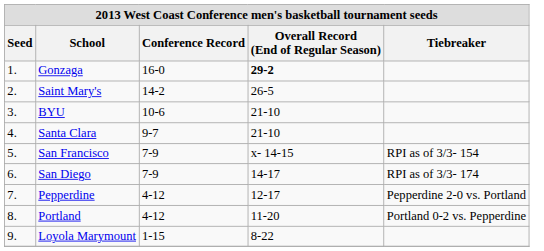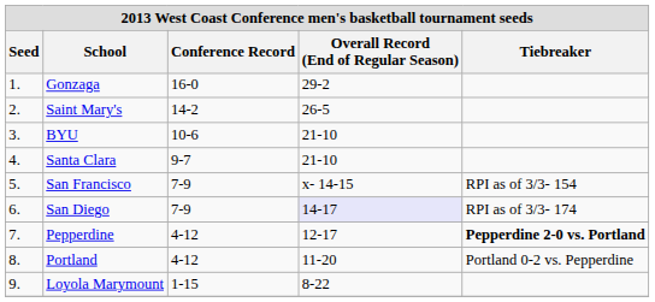 <table class="wikitable" style="white-space:nowrap; font-size:90%;">
 <tr>
 <td colspan="7" style="text-align:center; background:#DDDDDD; font:#000000"><strong>2013 West Coast Conference men's basketball tournament seeds</strong></td>
 </tr>
 <tr bgcolor="#efefef">
 <th>Seed</th>
 <th>School</th>
 <th>Conference Record</th>
 <th>Overall Record <br>(End of Regular Season)</th>
 <th>Tiebreaker</th>
 </tr>
 <tr>
 <td>1.</td>
 <td><a href='#'>Gonzaga</a></td>
 <td>16-0</td>
-<td><strong>29-2</strong></td>
+<td>29-2</td>
 <td></td>
 </tr>
 <tr>
 <td>2.</td>
 <td><a href='#'>Saint Mary's</a></td>
 <td>14-2</td>
 <td>26-5</td>
 <td></td>
 </tr>
 <tr>
 <td>3.</td>
 <td><a href='#'>BYU</a></td>
 <td>10-6</td>
 <td>21-10</td>
 <td></td>
 </tr>
 <tr>
 <td>4.</td>
 <td><a href='#'>Santa Clara</a></td>
 <td>9-7</td>
 <td>21-10</td>
 <td></td>
 </tr>
 <tr>
 <td>5.</td>
 <td><a href='#'>San Francisco</a></td>
 <td>7-9</td>
 <td>x- 14-15</td>
 <td>RPI as of 3/3- 154</td>
 </tr>
 <tr>
 <td>6.</td>
 <td><a href='#'>San Diego</a></td>
 <td>7-9</td>
-<td>14-17</td>
+<td style="background: lavender;">14-17</td>
 <td>RPI as of 3/3- 174</td>
 </tr>
 <tr>
 <td>7.</td>
 <td><a href='#'>Pepperdine</a></td>
 <td>4-12</td>
 <td>12-17</td>
-<td>Pepperdine 2-0 vs. Portland</td>
+<td><strong>Pepperdine 2-0 vs. Portland</strong></td>
 </tr>
 <tr>
 <td>8.</td>
 <td><a href='#'>Portland</a></td>
 <td>4-12</td>
 <td>11-20</td>
 <td>Portland 0-2 vs. Pepperdine</td>
 </tr>
 <tr>
 <td>9.</td>
 <td><a href='#'>Loyola Marymount</a></td>
 <td>1-15</td>
 <td>8-22</td>
 <td></td>
 </tr>
 <tr>
 </tr>
 </table>
